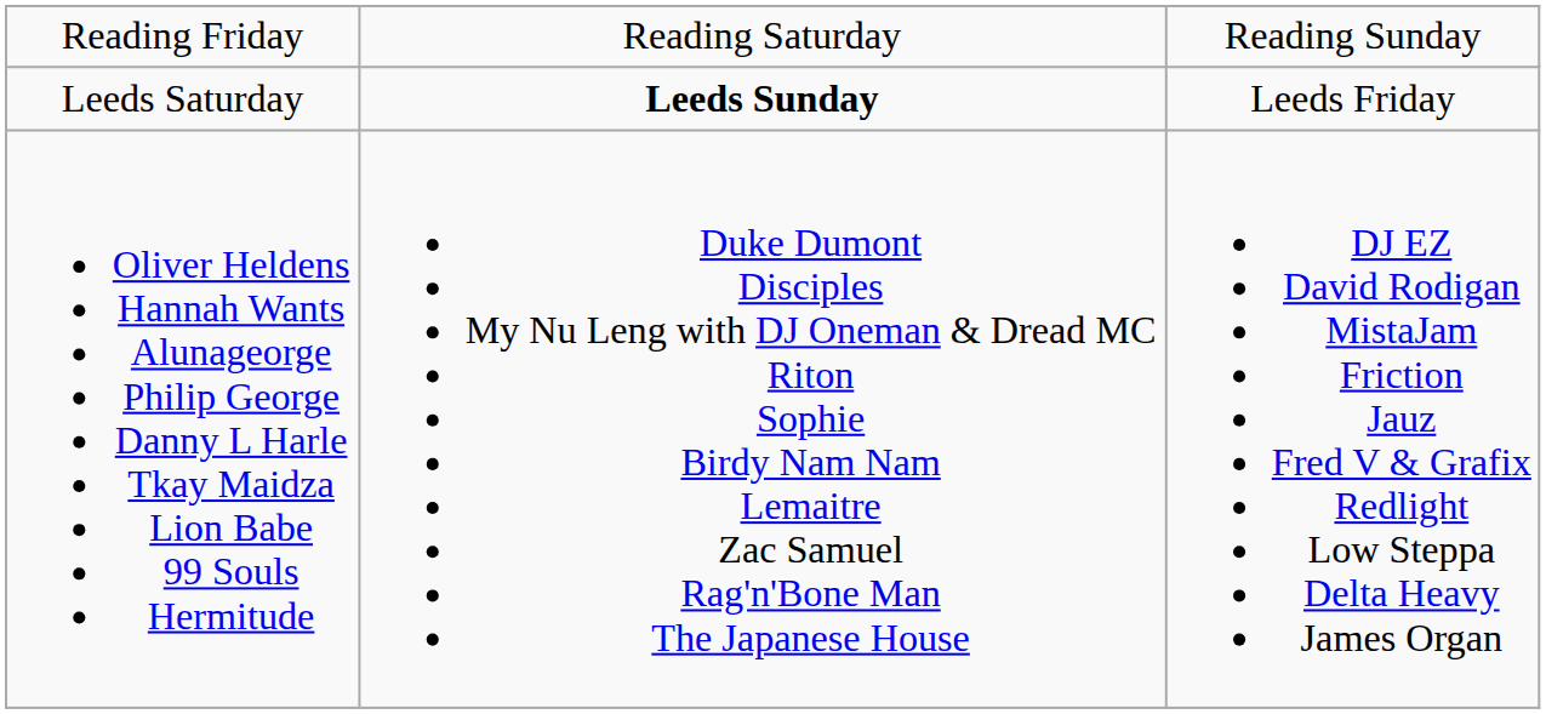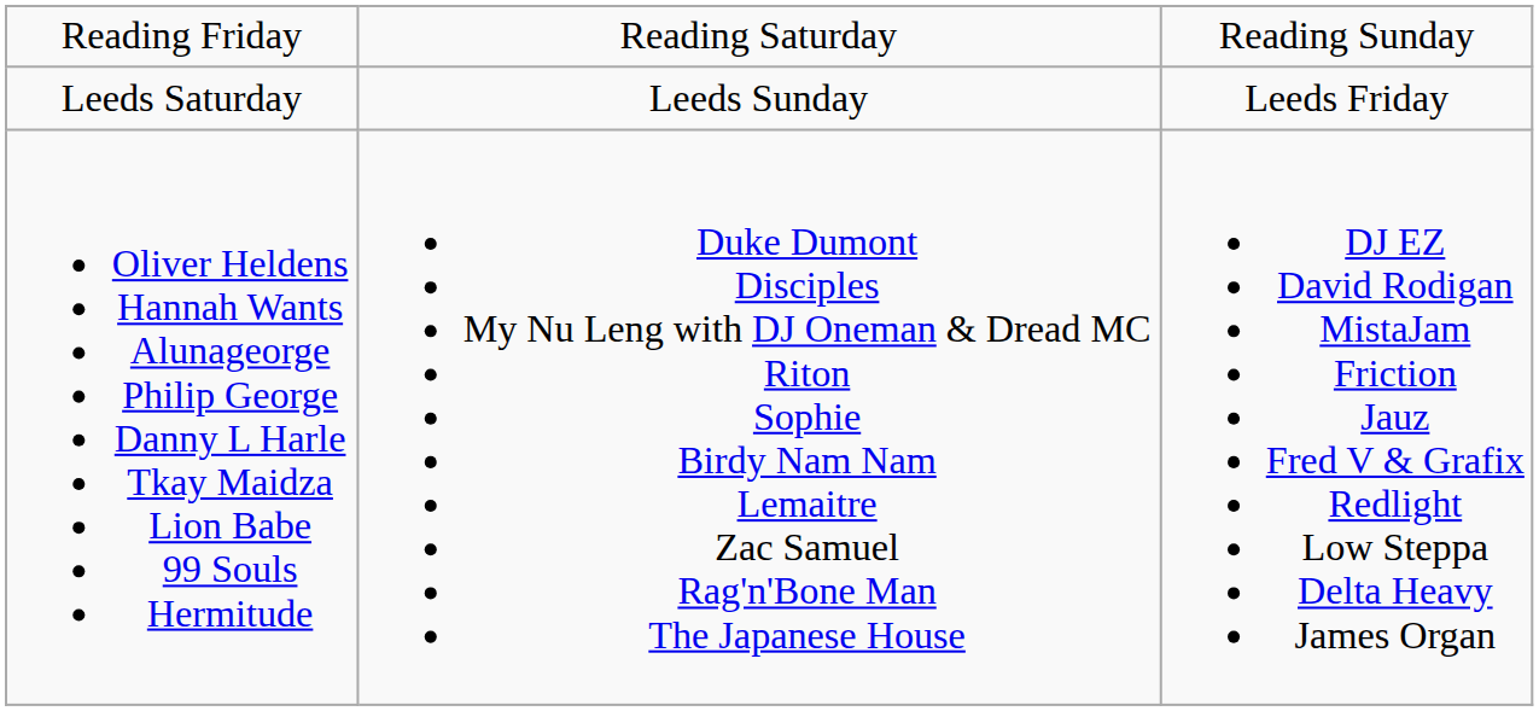 <table class="wikitable" style="text-align:center;">
 <tr>
 <td>Reading Friday</td>
 <td>Reading Saturday</td>
 <td>Reading Sunday</td>
 </tr>
 <tr>
 <td>Leeds Saturday</td>
-<td><strong>Leeds Sunday</strong></td>
+<td>Leeds Sunday</td>
 <td>Leeds Friday</td>
 </tr>
 <tr>
 <td><br><ul><li><a href='#'>Oliver Heldens</a></li><li><a href='#'>Hannah Wants</a></li><li><a href='#'>Alunageorge</a></li><li><a href='#'>Philip George</a></li><li><a href='#'>Danny L Harle</a></li><li><a href='#'>Tkay Maidza</a></li><li><a href='#'>Lion Babe</a></li><li><a href='#'>99 Souls</a></li><li><a href='#'>Hermitude</a></li></ul></td>
 <td><br><ul><li><a href='#'>Duke Dumont</a></li><li><a href='#'>Disciples</a></li><li>My Nu Leng with <a href='#'>DJ Oneman</a> & Dread MC</li><li><a href='#'>Riton</a></li><li><a href='#'>Sophie</a></li><li><a href='#'>Birdy Nam Nam</a></li><li><a href='#'>Lemaitre</a></li><li>Zac Samuel</li><li><a href='#'>Rag'n'Bone Man</a></li><li><a href='#'>The Japanese House</a></li></ul></td>
 <td><br><ul><li><a href='#'>DJ EZ</a></li><li><a href='#'>David Rodigan</a></li><li><a href='#'>MistaJam</a></li><li><a href='#'>Friction</a></li><li><a href='#'>Jauz</a></li><li><a href='#'>Fred V & Grafix</a></li><li><a href='#'>Redlight</a></li><li>Low Steppa</li><li><a href='#'>Delta Heavy</a></li><li>James Organ</li></ul></td>
 </tr>
 </table>
